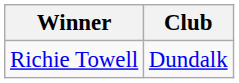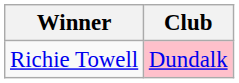 <table class="wikitable">
 <tr>
 <th>Winner</th>
 <th>Club</th>
 </tr>
 <tr>
 <td><a href='#'>Richie Towell</a></td>
-<td><a href='#'>Dundalk</a></td>
+<td style="background: pink;"><a href='#'>Dundalk</a></td>
 </tr>
 </table>
